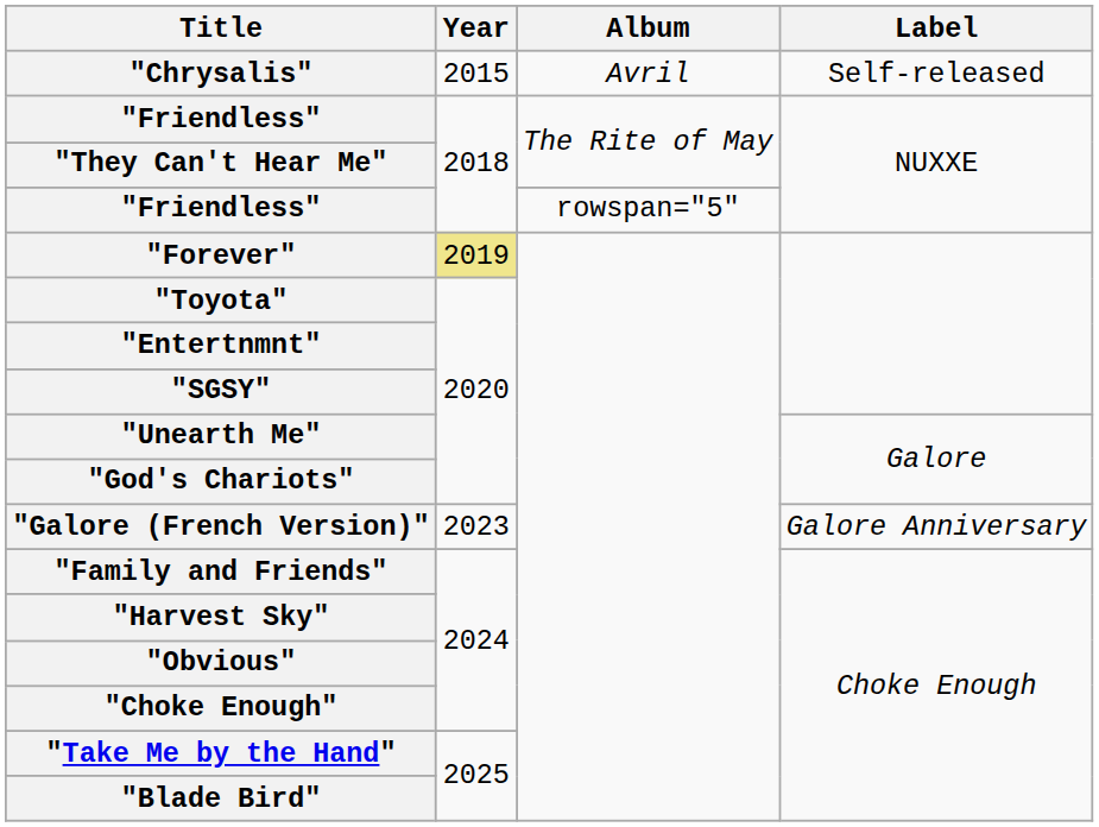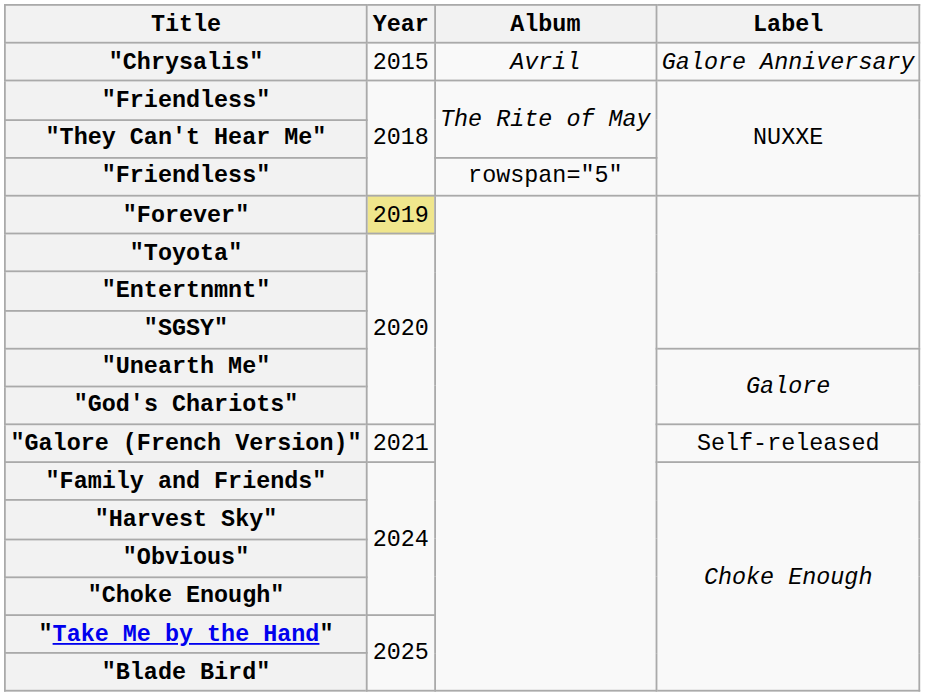 <table class="wikitable plainrowheaders" style="text-align:center;">
 <tr>
 <th scope="col">Title</th>
 <th scope="col">Year</th>
 <th scope="col">Album</th>
 <th scope="col">Label</th>
 </tr>
 <tr>
 <th scope="row">"Chrysalis"</th>
 <td>2015</td>
 <td><em>Avril</em></td>
-<td>Self-released</td>
+<td><em>Galore Anniversary</em></td>
 </tr>
 <tr>
 <th scope="row">"Friendless"</th>
 <td rowspan="3">2018</td>
 <td rowspan="2"><em>The Rite of May</em></td>
 <td rowspan="3">NUXXE</td>
 </tr>
 <tr>
 <th scope="row">"They Can't Hear Me"</th>
 </tr>
 <tr>
 <th scope="row">"Friendless"<br></th>
 <td>rowspan="5" </td>
 </tr>
 <tr>
 <th scope="row">"Forever"</th>
 <td style="background: khaki;">2019</td>
 <td rowspan="13"></td>
 </tr>
 <tr>
 <th scope="row">"Toyota"</th>
 <td rowspan="5">2020</td>
 </tr>
 <tr>
 <th scope="row">"Entertnmnt"</th>
 </tr>
 <tr>
 <th scope="row">"SGSY"</th>
 </tr>
 <tr>
 <th scope="row">"Unearth Me"</th>
 <td rowspan="2"><em>Galore</em></td>
 </tr>
 <tr>
 <th scope="row">"God's Chariots"</th>
 </tr>
 <tr>
 <th scope="row">"Galore (French Version)"<br></th>
-<td>2023</td>
-<td><em>Galore Anniversary</em></td>
+<td>2021</td>
+<td>Self-released</td>
 </tr>
 <tr>
 <th scope="row">"Family and Friends"</th>
 <td rowspan="4">2024</td>
 <td rowspan="6"><em>Choke Enough</em></td>
 </tr>
 <tr>
 <th scope="row">"Harvest Sky"<br></th>
 </tr>
 <tr>
 <th scope="row">"Obvious"</th>
 </tr>
 <tr>
 <th scope="row">"Choke Enough"</th>
 </tr>
 <tr>
 <th scope="row">"<a href='#'>Take Me by the Hand</a>"<br></th>
 <td rowspan="2">2025</td>
 </tr>
 <tr>
 <th scope="row">"Blade Bird"</th>
 </tr>
 </table>
